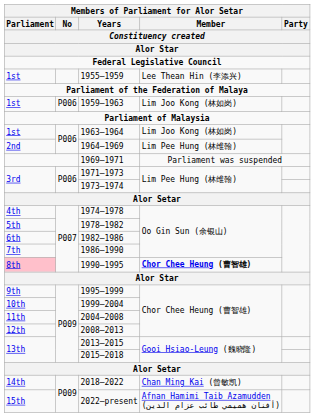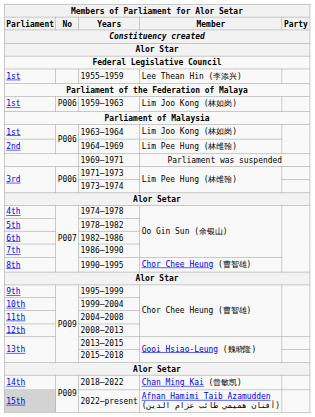 <table class=wikitable>
 <tr>
 <th colspan="5">Members of Parliament for Alor Setar</th>
 </tr>
 <tr>
 <th>Parliament</th>
 <th>No</th>
 <th>Years</th>
 <th>Member</th>
 <th>Party</th>
 </tr>
 <tr>
 <th colspan="5" align="center"><em>Constituency created</em></th>
 </tr>
 <tr>
 <th colspan="5" align="center">Alor Star</th>
 </tr>
 <tr>
 <td colspan="5" align="center"><strong>Federal Legislative Council</strong></td>
 </tr>
 <tr>
 <td><a href='#'>1st</a></td>
 <td></td>
 <td>1955–1959</td>
 <td>Lee Thean Hin (李添兴)</td>
 <td></td>
 </tr>
 <tr>
 <td colspan="5" align="center"><strong>Parliament of the Federation of Malaya</strong></td>
 </tr>
 <tr>
 <td><a href='#'>1st</a></td>
 <td>P006</td>
 <td>1959–1963</td>
 <td>Lim Joo Kong (林如岗)</td>
 <td></td>
 </tr>
 <tr>
 <td colspan="5" align="center"><strong>Parliament of Malaysia</strong></td>
 </tr>
 <tr>
 <td><a href='#'>1st</a></td>
 <td rowspan="2">P006</td>
 <td>1963–1964</td>
 <td>Lim Joo Kong (林如岗)</td>
 <td rowspan="2"></td>
 </tr>
 <tr>
 <td><a href='#'>2nd</a></td>
 <td>1964–1969</td>
 <td>Lim Pee Hung (林维翰)</td>
 </tr>
 <tr>
 <td colspan="2"></td>
 <td>1969–1971</td>
 <td colspan=2 align=center>Parliament was suspended</td>
 </tr>
 <tr>
 <td rowspan=2><a href='#'>3rd</a></td>
 <td rowspan="2">P006</td>
 <td>1971–1973</td>
 <td rowspan=2>Lim Pee Hung (林维翰)</td>
 <td></td>
 </tr>
 <tr>
 <td>1973–1974</td>
 <td></td>
 </tr>
 <tr>
 <th colspan="5" align="center">Alor Setar</th>
 </tr>
 <tr>
 <td><a href='#'>4th</a></td>
 <td rowspan="5">P007</td>
 <td>1974–1978</td>
 <td rowspan=4>Oo Gin Sun (余银山)</td>
 <td rowspan="5"></td>
 </tr>
 <tr>
 <td><a href='#'>5th</a></td>
 <td>1978–1982</td>
 </tr>
 <tr>
 <td><a href='#'>6th</a></td>
 <td>1982–1986</td>
 </tr>
 <tr>
 <td><a href='#'>7th</a></td>
 <td>1986–1990</td>
 </tr>
 <tr>
-<td style="background: pink;"><a href='#'>8th</a></td>
+<td><a href='#'>8th</a></td>
 <td>1990–1995</td>
-<td><strong><a href='#'>Chor Chee Heung</a> (曹智雄)</strong></td>
+<td><a href='#'>Chor Chee Heung</a> (曹智雄)</td>
 </tr>
 <tr>
 <th colspan="5" align="center">Alor Star</th>
 </tr>
 <tr>
 <td><a href='#'>9th</a></td>
 <td rowspan=6>P009</td>
 <td>1995–1999</td>
 <td rowspan=4>Chor Chee Heung (曹智雄)</td>
 <td rowspan="4"></td>
 </tr>
 <tr>
 <td><a href='#'>10th</a></td>
 <td>1999–2004</td>
 </tr>
 <tr>
 <td><a href='#'>11th</a></td>
 <td>2004–2008</td>
 </tr>
 <tr>
 <td><a href='#'>12th</a></td>
 <td>2008–2013</td>
 </tr>
 <tr>
 <td rowspan=2><a href='#'>13th</a></td>
 <td>2013–2015</td>
 <td rowspan=2><a href='#'>Gooi Hsiao-Leung</a> (魏晓隆)</td>
 <td></td>
 </tr>
 <tr>
 <td>2015–2018</td>
 <td></td>
 </tr>
 <tr>
 <th colspan="5" align="center">Alor Setar</th>
 </tr>
 <tr>
 <td><a href='#'>14th</a></td>
 <td rowspan="2">P009</td>
 <td>2018–2022</td>
 <td><a href='#'>Chan Ming Kai</a> (曾敏凯)</td>
 <td></td>
 </tr>
 <tr>
-<td><a href='#'>15th</a></td>
+<td style="background: lightgrey;"><a href='#'>15th</a></td>
 <td>2022–present</td>
 <td><a href='#'>Afnan Hamimi Taib Azamudden</a>  <br> (أفنان هميمي طائب عزام الدين)</td>
 <td></td>
 </tr>
 </table>
